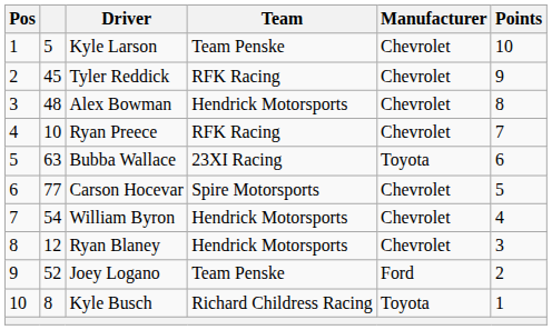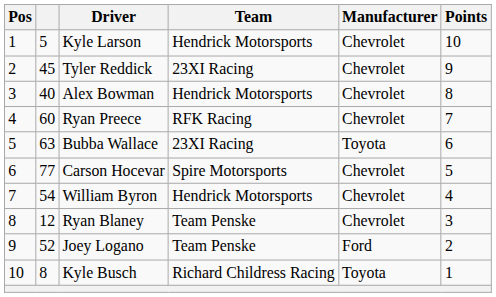 <table class="wikitable" style="font-size:98%">
 <tr>
 <th>Pos</th>
 <th></th>
 <th>Driver</th>
 <th>Team</th>
 <th>Manufacturer</th>
 <th>Points</th>
 </tr>
 <tr>
 <td>1</td>
 <td>5</td>
 <td>Kyle Larson</td>
-<td>Team Penske</td>
+<td>Hendrick Motorsports</td>
 <td>Chevrolet</td>
 <td>10</td>
 </tr>
 <tr>
 <td>2</td>
 <td>45</td>
 <td>Tyler Reddick</td>
-<td>RFK Racing</td>
+<td>23XI Racing</td>
 <td>Chevrolet</td>
 <td>9</td>
 </tr>
 <tr>
 <td>3</td>
-<td>48</td>
+<td>40</td>
 <td>Alex Bowman</td>
 <td>Hendrick Motorsports</td>
 <td>Chevrolet</td>
 <td>8</td>
 </tr>
 <tr>
 <td>4</td>
-<td>10</td>
+<td>60</td>
 <td>Ryan Preece</td>
 <td>RFK Racing</td>
 <td>Chevrolet</td>
 <td>7</td>
 </tr>
 <tr>
 <td>5</td>
 <td>63</td>
 <td>Bubba Wallace</td>
 <td>23XI Racing</td>
 <td>Toyota</td>
 <td>6</td>
 </tr>
 <tr>
 <td>6</td>
 <td>77</td>
 <td>Carson Hocevar</td>
 <td>Spire Motorsports</td>
 <td>Chevrolet</td>
 <td>5</td>
 </tr>
 <tr>
 <td>7</td>
 <td>54</td>
 <td>William Byron</td>
 <td>Hendrick Motorsports</td>
 <td>Chevrolet</td>
 <td>4</td>
 </tr>
 <tr>
 <td>8</td>
 <td>12</td>
 <td>Ryan Blaney</td>
-<td>Hendrick Motorsports</td>
+<td>Team Penske</td>
 <td>Chevrolet</td>
 <td>3</td>
 </tr>
 <tr>
 <td>9</td>
 <td>52</td>
 <td>Joey Logano</td>
 <td>Team Penske</td>
 <td>Ford</td>
 <td>2</td>
 </tr>
 <tr>
 <td>10</td>
 <td>8</td>
 <td>Kyle Busch</td>
 <td>Richard Childress Racing</td>
 <td>Toyota</td>
 <td>1</td>
 </tr>
 <tr>
 <th colspan="6"></th>
 </tr>
 </table>
